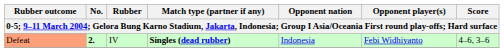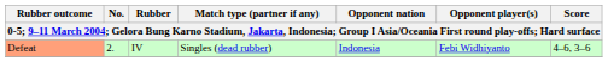 <table class="wikitable" style="font-size:90%">
 <tr>
 <th>Rubber outcome</th>
 <th>No.</th>
 <th>Rubber</th>
 <th>Match type (partner if any)</th>
 <th>Opponent nation</th>
 <th>Opponent player(s)</th>
 <th>Score</th>
 </tr>
 <tr>
 <th colspan="7"><small></small>0-5; <a href='#'>9–11 March 2004</a>; Gelora Bung Karno Stadium, <a href='#'>Jakarta</a>, Indonesia; Group I Asia/Oceania First round play-offs; Hard surface</th>
 </tr>
 <tr style="background:#cfc;">
 <td bgcolor="FFA07A">Defeat</td>
-<td><strong>2.</strong></td>
+<td>2.</td>
 <td>IV</td>
-<td><strong>Singles (<a href='#'>dead rubber</a>)</strong></td>
+<td>Singles (<a href='#'>dead rubber</a>)</td>
 <td> <a href='#'>Indonesia</a></td>
 <td><a href='#'>Febi Widhiyanto</a></td>
 <td>4–6, 3–6</td>
 </tr>
 <tr>
 </tr>
 </table>
